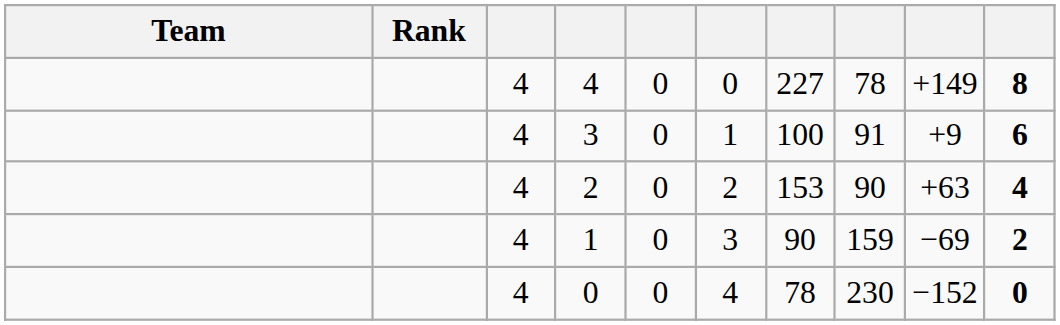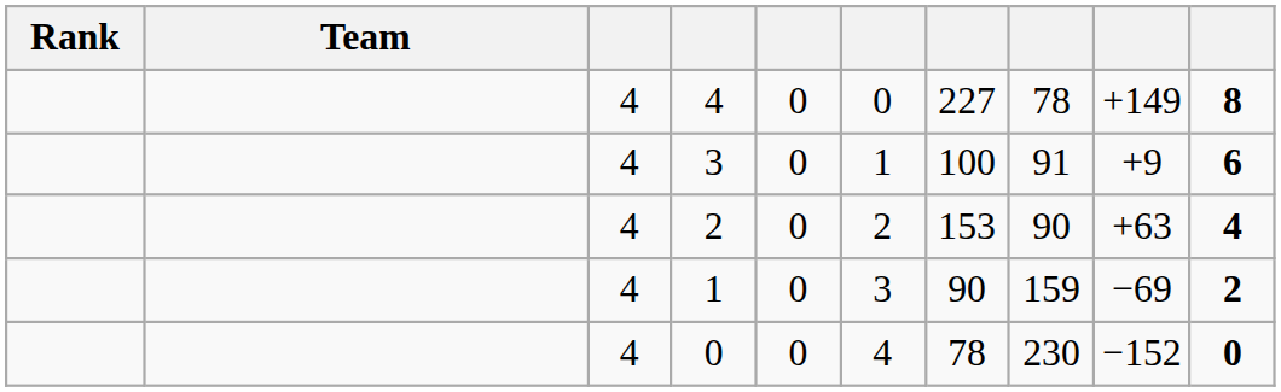 <table class="wikitable" style="text-align: center; font-size:90% ">
 <tr>
+<th width=45>Rank</th>
 <th width=160>Team</th>
-<th width=45>Rank</th>
 <th width=25></th>
 <th width=25></th>
 <th width=25></th>
 <th width=25></th>
 <th width=25></th>
 <th width=25></th>
 <th width=25></th>
 <th width=25></th>
 </tr>
 <tr>
+<td></td>
 <td align=left></td>
-<td></td>
 <td>4</td>
 <td>4</td>
 <td>0</td>
 <td>0</td>
 <td>227</td>
 <td>78</td>
 <td>+149</td>
 <td><strong>8</strong></td>
 </tr>
 <tr>
+<td></td>
 <td align=left></td>
-<td></td>
 <td>4</td>
 <td>3</td>
 <td>0</td>
 <td>1</td>
 <td>100</td>
 <td>91</td>
 <td>+9</td>
 <td><strong>6</strong></td>
 </tr>
 <tr>
+<td></td>
 <td align=left></td>
-<td></td>
 <td>4</td>
 <td>2</td>
 <td>0</td>
 <td>2</td>
 <td>153</td>
 <td>90</td>
 <td>+63</td>
 <td><strong>4</strong></td>
 </tr>
 <tr>
+<td></td>
 <td align=left></td>
-<td></td>
 <td>4</td>
 <td>1</td>
 <td>0</td>
 <td>3</td>
 <td>90</td>
 <td>159</td>
 <td>−69</td>
 <td><strong>2</strong></td>
 </tr>
 <tr>
+<td></td>
 <td align=left></td>
-<td></td>
 <td>4</td>
 <td>0</td>
 <td>0</td>
 <td>4</td>
 <td>78</td>
 <td>230</td>
 <td>−152</td>
 <td><strong>0</strong></td>
 </tr>
 </table>
